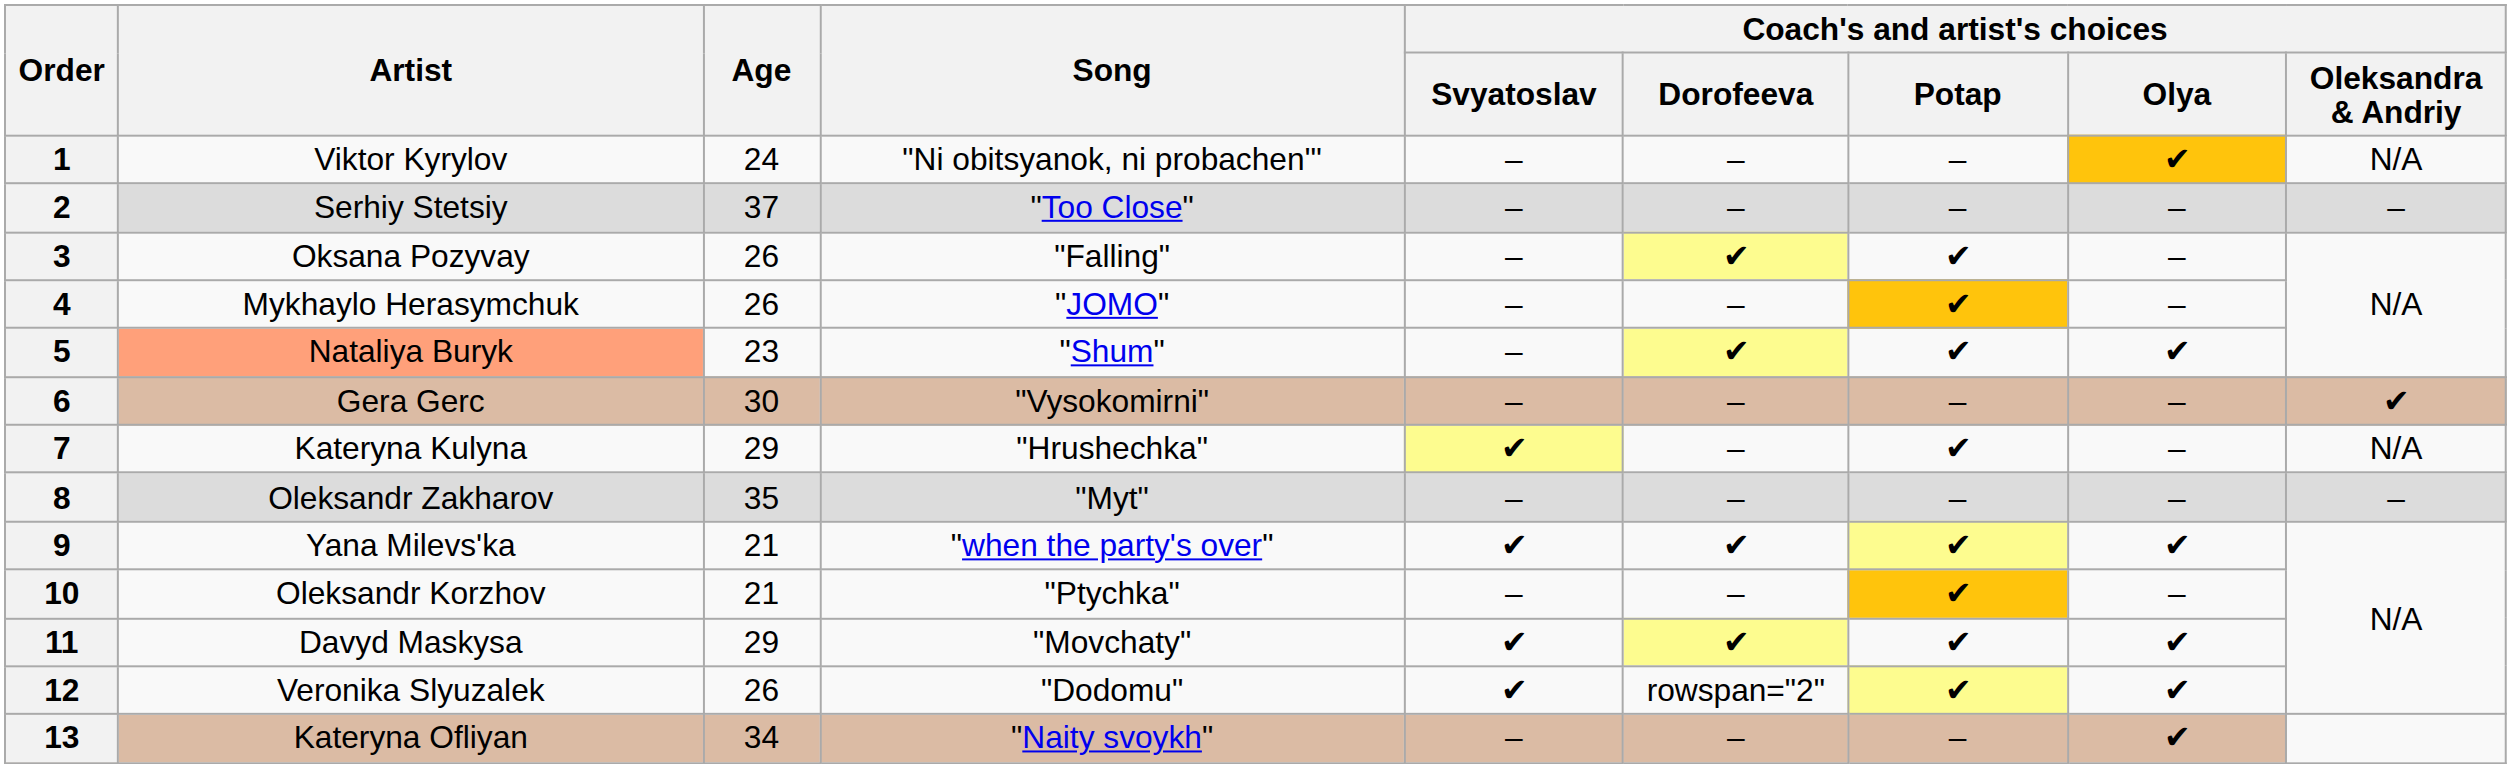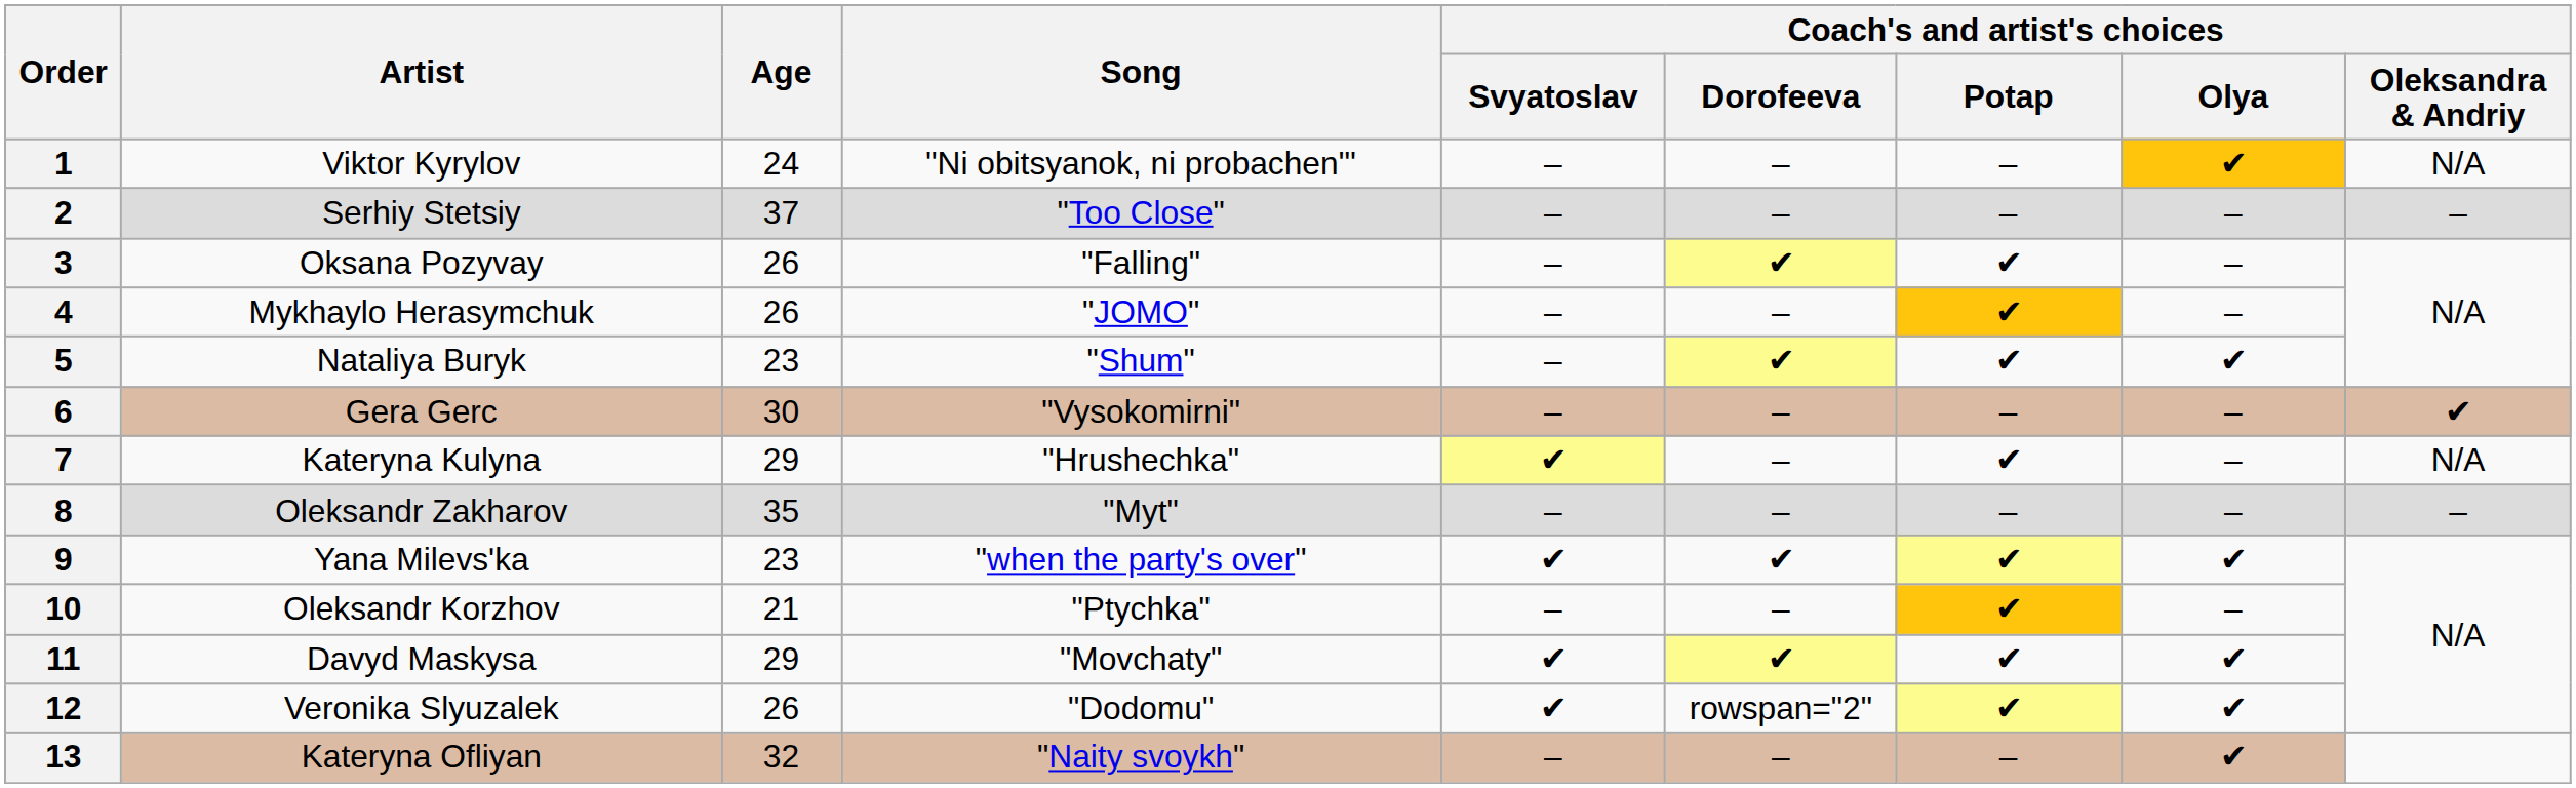 <table class="wikitable" style="text-align:center; line-height:17px; width:100%">
 <tr>
 <th rowspan="2" scope="col" style="width:03%">Order</th>
 <th rowspan="2" scope="col" style="width:20%">Artist</th>
 <th rowspan="2" scope="col" style="width:04%">Age</th>
 <th rowspan="2" scope="col" style="width:20%">Song</th>
 <th colspan="5" scope="col" style="width:28%">Coach's and artist's choices</th>
 </tr>
 <tr>
 <th style="width:7.5%">Svyatoslav</th>
 <th style="width:7.5%">Dorofeeva</th>
 <th style="width:7.5%">Potap</th>
 <th style="width:7.5%">Olya</th>
 <th style="width:7.5%">Oleksandra<br>& Andriy</th>
 </tr>
 <tr>
 <th>1</th>
 <td>Viktor Kyrylov</td>
 <td>24</td>
 <td>"Ni obitsyanok, ni probachen'"</td>
 <td>–</td>
 <td>–</td>
 <td>–</td>
 <td style="background:#ffc40c">✔</td>
 <td>N/A</td>
 </tr>
 <tr style="background:#dcdcdc">
 <th>2</th>
 <td>Serhiy Stetsiy</td>
 <td>37</td>
 <td>"<a href='#'>Too Close</a>"</td>
 <td>–</td>
 <td>–</td>
 <td>–</td>
 <td>–</td>
 <td>–</td>
 </tr>
 <tr>
 <th>3</th>
 <td>Oksana Pozyvay</td>
 <td>26</td>
 <td>"Falling"</td>
 <td>–</td>
 <td style="background:#fdfc8f">✔</td>
 <td>✔</td>
 <td>–</td>
 <td rowspan="3">N/A</td>
 </tr>
 <tr>
 <th>4</th>
 <td>Mykhaylo Herasymchuk</td>
 <td>26</td>
 <td>"<a href='#'>JOMO</a>"</td>
 <td>–</td>
 <td>–</td>
 <td style="background:#ffc40c">✔</td>
 <td>–</td>
 </tr>
 <tr>
 <th>5</th>
-<td style="background: lightsalmon;">Nataliya Buryk</td>
+<td>Nataliya Buryk</td>
 <td>23</td>
 <td>"<a href='#'>Shum</a>"</td>
 <td>–</td>
 <td style="background:#fdfc8f">✔</td>
 <td>✔</td>
 <td>✔</td>
 </tr>
 <tr style="background:#dbbba4">
 <th>6</th>
 <td>Gera Gerc</td>
 <td>30</td>
 <td>"Vysokomirni"</td>
 <td>–</td>
 <td>–</td>
 <td>–</td>
 <td>–</td>
 <td>✔</td>
 </tr>
 <tr>
 <th>7</th>
 <td>Kateryna Kulyna</td>
 <td>29</td>
 <td>"Hrushechka"</td>
 <td style="background:#fdfc8f">✔</td>
 <td>–</td>
 <td>✔</td>
 <td>–</td>
 <td>N/A</td>
 </tr>
 <tr style="background:#dcdcdc">
 <th>8</th>
 <td>Oleksandr Zakharov</td>
 <td>35</td>
 <td>"Myt"</td>
 <td>–</td>
 <td>–</td>
 <td>–</td>
 <td>–</td>
 <td>–</td>
 </tr>
 <tr>
 <th>9</th>
 <td>Yana Milevsʹka</td>
-<td>21</td>
+<td>23</td>
 <td>"<a href='#'>when the party's over</a>"</td>
 <td>✔</td>
 <td>✔</td>
 <td style="background:#fdfc8f">✔</td>
 <td>✔</td>
 <td rowspan="4">N/A</td>
 </tr>
 <tr>
 <th>10</th>
 <td>Oleksandr Korzhov</td>
 <td>21</td>
 <td>"Ptychka"</td>
 <td>–</td>
 <td>–</td>
 <td style="background:#ffc40c">✔</td>
 <td>–</td>
 </tr>
 <tr>
 <th>11</th>
 <td>Davyd Maskysa</td>
 <td>29</td>
 <td>"Movchaty"</td>
 <td>✔</td>
 <td style="background:#fdfc8f">✔</td>
 <td>✔</td>
 <td>✔</td>
 </tr>
 <tr>
 <th>12</th>
 <td>Veronika Slyuzalek</td>
 <td>26</td>
 <td>"Dodomu"</td>
 <td>✔</td>
 <td>rowspan="2" </td>
 <td style="background:#fdfc8f">✔</td>
 <td>✔</td>
 </tr>
 <tr style="background:#dbbba4">
 <th>13</th>
 <td>Kateryna Ofliyan</td>
-<td>34</td>
+<td>32</td>
 <td>"<a href='#'>Naity svoykh</a>"</td>
 <td>–</td>
 <td>–</td>
 <td>–</td>
 <td>✔</td>
 </tr>
 </table>
